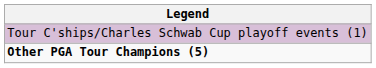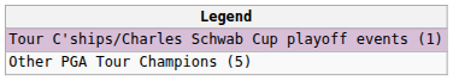 <table class="wikitable" style="font-size:95%;">
 <tr>
 <th>Legend</th>
 </tr>
 <tr style="background:thistle">
 <td>Tour C'ships/Charles Schwab Cup playoff events (1)</td>
 </tr>
 <tr>
-<td><strong>Other PGA Tour Champions (5)</strong></td>
+<td>Other PGA Tour Champions (5)</td>
 </tr>
 </table>
